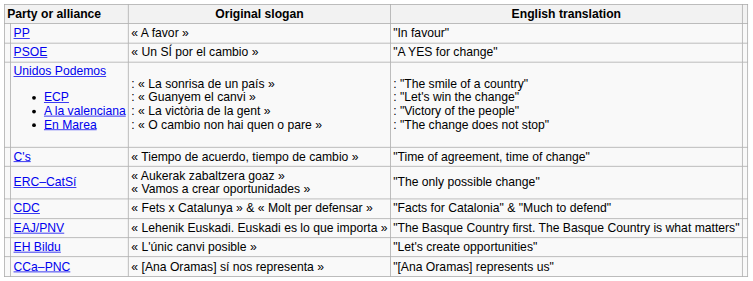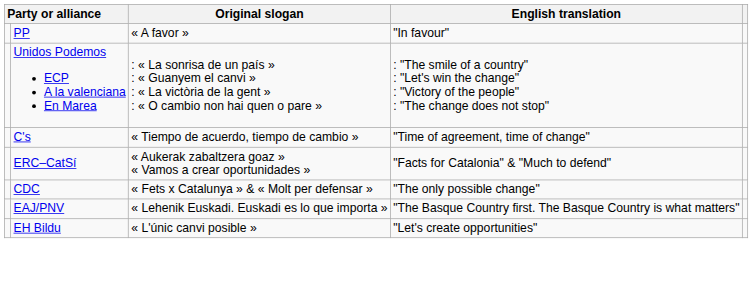 <table class="wikitable" style="text-align:left;">
 <tr>
 <th style="text-align:left;" colspan="2">Party or alliance</th>
 <th>Original slogan</th>
 <th>English translation</th>
 <th></th>
 </tr>
 <tr>
 <td width="1" style="color:inherit;background:"></td>
 <td><a href='#'>PP</a></td>
 <td>« A favor »</td>
 <td>"In favour"</td>
-<td></td>
-</tr>
-<tr>
-<td style="color:inherit;background:"></td>
-<td><a href='#'>PSOE</a></td>
-<td>« Un SÍ por el cambio »</td>
-<td>"A YES for change"</td>
 <td></td>
 </tr>
 <tr>
 <td style="color:inherit;background:"></td>
 <td><a href='#'>Unidos Podemos</a><br><ul><li><a href='#'>ECP</a></li><li><a href='#'>A la valenciana</a></li><li><a href='#'>En Marea</a></li></ul></td>
 <td>: « La sonrisa de un país »<br>: « Guanyem el canvi »<br>: « La victòria de la gent »<br>: « O cambio non hai quen o pare »</td>
 <td>: "The smile of a country"<br>: "Let's win the change"<br>: "Victory of the people"<br>: "The change does not stop"</td>
 <td><br><br><br></td>
 </tr>
 <tr>
 <td style="color:inherit;background:"></td>
 <td><a href='#'>C's</a></td>
 <td>« Tiempo de acuerdo, tiempo de cambio »</td>
 <td>"Time of agreement, time of change"</td>
 <td></td>
 </tr>
 <tr>
 <td style="color:inherit;background:"></td>
 <td><a href='#'>ERC–CatSí</a></td>
 <td>« Aukerak zabaltzera goaz »<br>« Vamos a crear oportunidades »</td>
-<td>"The only possible change"</td>
+<td>"Facts for Catalonia" & "Much to defend"</td>
 <td></td>
 </tr>
 <tr>
 <td style="color:inherit;background:"></td>
 <td><a href='#'>CDC</a></td>
 <td>« Fets x Catalunya » & « Molt per defensar »</td>
-<td>"Facts for Catalonia" & "Much to defend"</td>
+<td>"The only possible change"</td>
 <td></td>
 </tr>
 <tr>
 <td style="color:inherit;background:"></td>
 <td><a href='#'>EAJ/PNV</a></td>
 <td>« Lehenik Euskadi. Euskadi es lo que importa »</td>
 <td>"The Basque Country first. The Basque Country is what matters"</td>
 <td></td>
 </tr>
 <tr>
 <td style="color:inherit;background:"></td>
 <td><a href='#'>EH Bildu</a></td>
 <td>« L'únic canvi posible »</td>
 <td>"Let's create opportunities"</td>
 <td></td>
 </tr>
-<tr>
-<td style="color:inherit;background:"></td>
-<td><a href='#'>CCa–PNC</a></td>
-<td>« [Ana Oramas] sí nos representa »</td>
-<td>"[Ana Oramas] represents us"</td>
-<td></td>
-</tr>
 </table>
